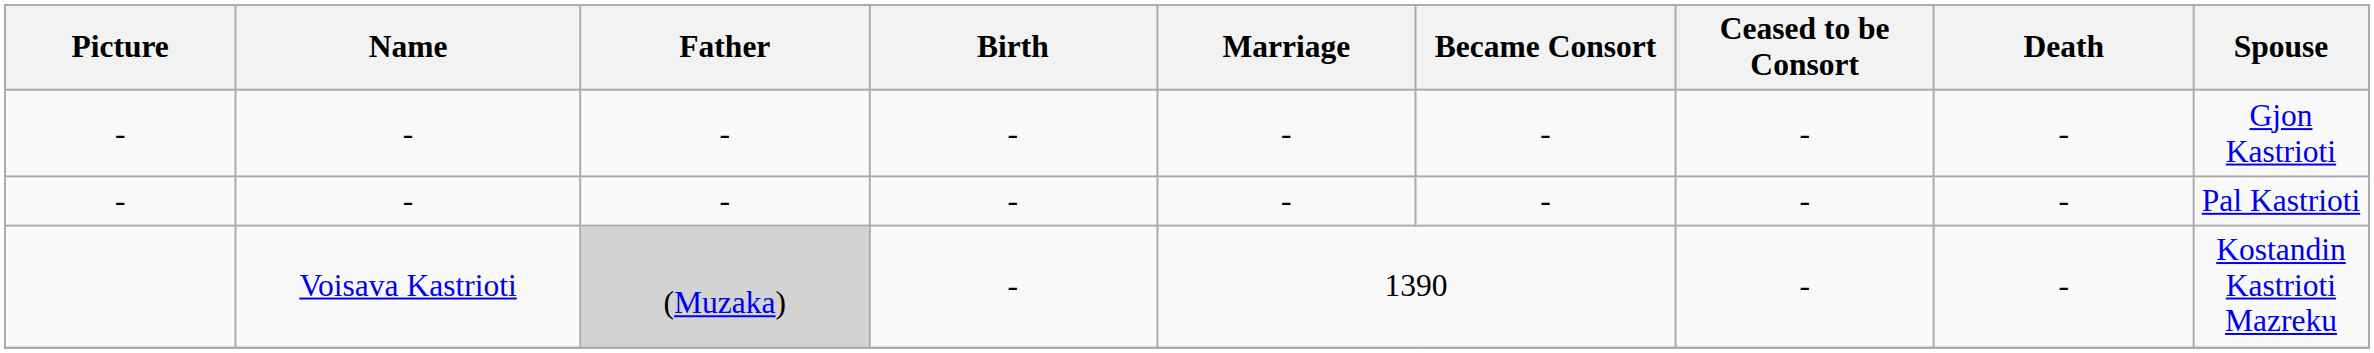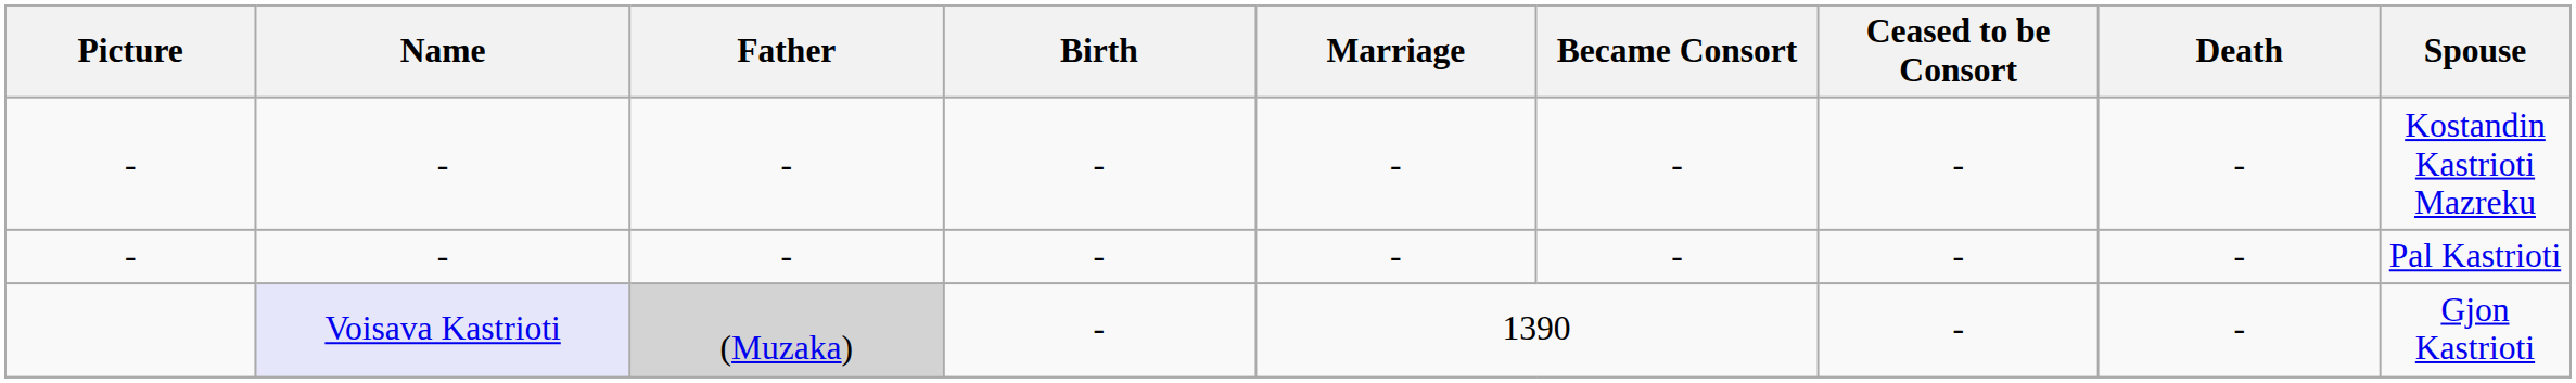 <table width=95% class="wikitable">
 <tr>
 <th width = "8%">Picture</th>
 <th width = "12%">Name</th>
 <th width = "10%">Father</th>
 <th width = "10%">Birth</th>
 <th width = "9%">Marriage</th>
 <th width = "9%">Became Consort</th>
 <th width = "9%">Ceased to be Consort</th>
 <th width = "9%">Death</th>
 <th width = "6%">Spouse</th>
 </tr>
 <tr>
 <td align="center">-</td>
 <td align="center">-</td>
 <td align=center>-</td>
 <td align="center">-</td>
 <td align="center">-</td>
 <td align="center">-</td>
 <td align="center">-</td>
 <td align="center">-</td>
-<td align="center"><a href='#'>Gjon Kastrioti</a></td>
+<td align="center"><a href='#'>Kostandin Kastrioti Mazreku</a></td>
 </tr>
 <tr>
 <td align="center">-</td>
 <td align="center">-</td>
 <td align=center>-</td>
 <td align="center">-</td>
 <td align="center">-</td>
 <td align="center">-</td>
 <td align="center">-</td>
 <td align="center">-</td>
 <td align="center"><a href='#'>Pal Kastrioti</a></td>
 </tr>
 <tr>
 <td align="center"></td>
-<td align="center"><a href='#'>Voisava Kastrioti</a></td>
+<td align="center" style="background: lavender;"><a href='#'>Voisava Kastrioti</a></td>
 <td align=center style="background: lightgrey;"><br>(<a href='#'>Muzaka</a>)</td>
 <td align="center">-</td>
 <td align=center colspan=2>1390</td>
 <td align="center">-</td>
 <td align="center">-</td>
-<td align="center"><a href='#'>Kostandin Kastrioti Mazreku</a></td>
+<td align="center"><a href='#'>Gjon Kastrioti</a></td>
 </tr>
 <tr>
 </tr>
 </table>
